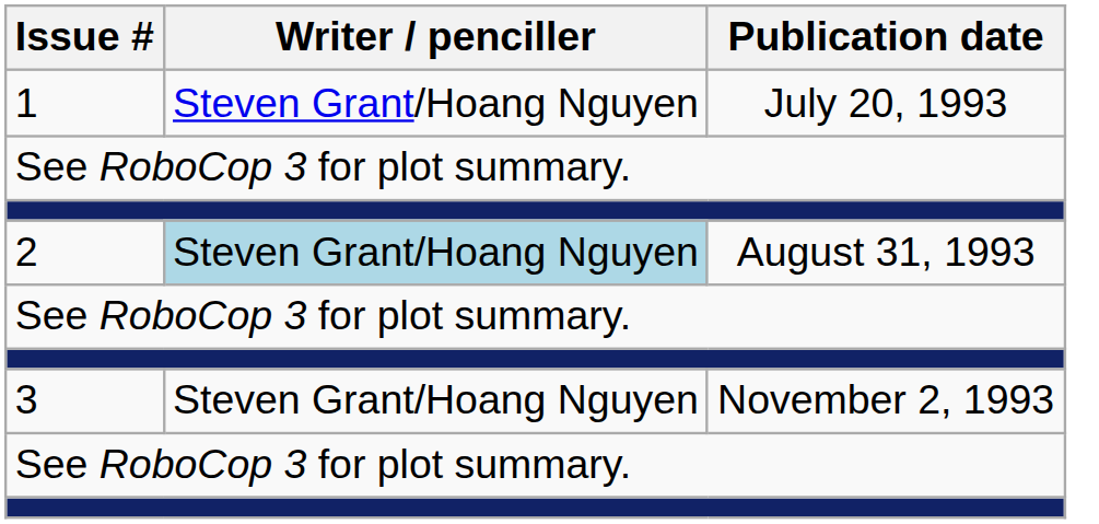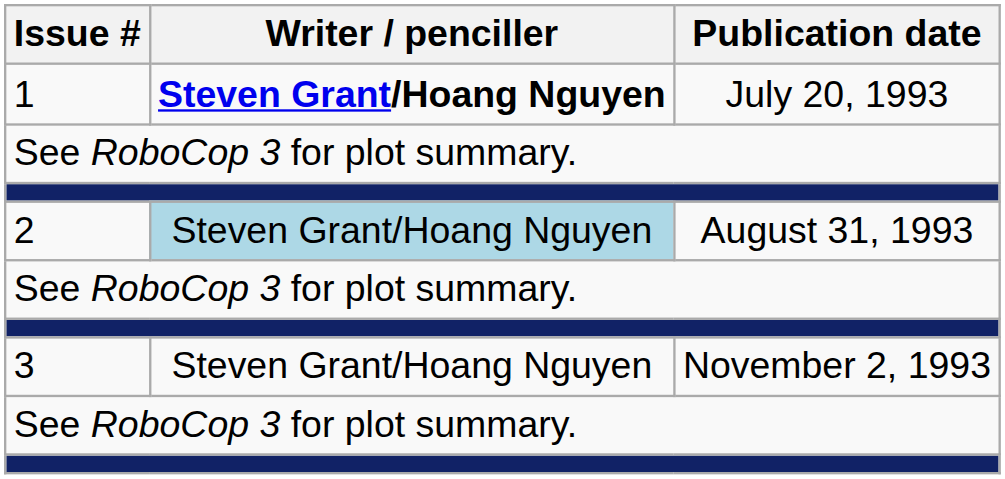 <table class="wikitable">
 <tr>
 <th>Issue #</th>
 <th>Writer / penciller</th>
 <th>Publication date</th>
 </tr>
 <tr>
 <td>1</td>
-<td align="center"><a href='#'>Steven Grant</a>/Hoang Nguyen</td>
+<td align="center"><strong><a href='#'>Steven Grant</a>/Hoang Nguyen</strong></td>
 <td align="center">July 20, 1993</td>
 </tr>
 <tr>
 <td colspan="6">See <em>RoboCop 3</em> for plot summary.</td>
 </tr>
 <tr>
 <td colspan="6" bgcolor="#112266"></td>
 </tr>
 <tr>
 <td>2</td>
 <td align="center" style="background: lightblue;">Steven Grant/Hoang Nguyen</td>
 <td align="center">August 31, 1993</td>
 </tr>
 <tr>
 <td colspan="6">See <em>RoboCop 3</em> for plot summary.</td>
 </tr>
 <tr>
 <td colspan="6" bgcolor="#112266"></td>
 </tr>
 <tr>
 <td>3</td>
 <td align="center">Steven Grant/Hoang Nguyen</td>
 <td align="center">November 2, 1993</td>
 </tr>
 <tr>
 <td colspan="6">See <em>RoboCop 3</em> for plot summary.</td>
 </tr>
 <tr>
 <td colspan="6" bgcolor="#112266"></td>
 </tr>
 </table>
